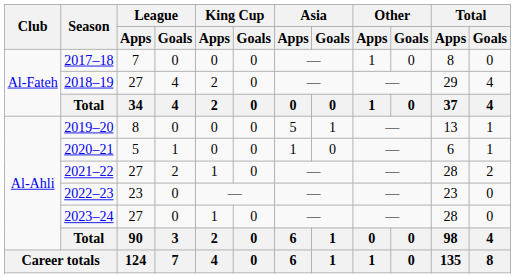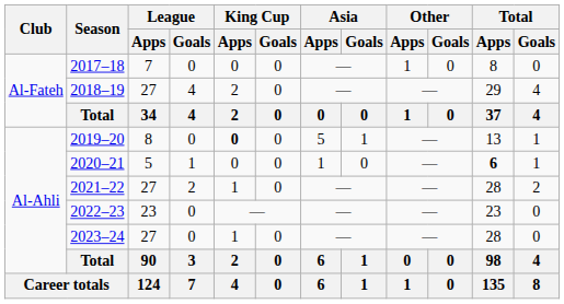 <table class="wikitable" style="text-align: center">
 <tr>
 <th rowspan=2>Club</th>
 <th rowspan=2>Season</th>
 <th colspan=2>League</th>
 <th colspan=2>King Cup</th>
 <th colspan=2>Asia</th>
 <th colspan=2>Other</th>
 <th colspan=2>Total</th>
 </tr>
 <tr>
 <th>Apps</th>
 <th>Goals</th>
 <th>Apps</th>
 <th>Goals</th>
 <th>Apps</th>
 <th>Goals</th>
 <th>Apps</th>
 <th>Goals</th>
 <th>Apps</th>
 <th>Goals</th>
 </tr>
 <tr>
 <td rowspan=3><a href='#'>Al-Fateh</a></td>
 <td><a href='#'>2017–18</a></td>
 <td>7</td>
 <td>0</td>
 <td>0</td>
 <td>0</td>
 <td colspan=2>—</td>
 <td>1</td>
 <td>0</td>
 <td>8</td>
 <td>0</td>
 </tr>
 <tr>
 <td><a href='#'>2018–19</a></td>
 <td>27</td>
 <td>4</td>
 <td>2</td>
 <td>0</td>
 <td colspan=2>—</td>
 <td colspan=2>—</td>
 <td>29</td>
 <td>4</td>
 </tr>
 <tr>
 <th>Total</th>
 <th>34</th>
 <th>4</th>
 <th>2</th>
 <th>0</th>
 <th>0</th>
 <th>0</th>
 <th>1</th>
 <th>0</th>
 <th>37</th>
 <th>4</th>
 </tr>
 <tr>
 <td rowspan=6><a href='#'>Al-Ahli</a></td>
 <td><a href='#'>2019–20</a></td>
 <td>8</td>
 <td>0</td>
-<td>0</td>
+<td><strong>0</strong></td>
 <td>0</td>
 <td>5</td>
 <td>1</td>
 <td colspan=2>—</td>
 <td>13</td>
 <td>1</td>
 </tr>
 <tr>
 <td><a href='#'>2020–21</a></td>
 <td>5</td>
 <td>1</td>
 <td>0</td>
 <td>0</td>
 <td>1</td>
 <td>0</td>
 <td colspan=2>—</td>
-<td>6</td>
+<td><strong>6</strong></td>
 <td>1</td>
 </tr>
 <tr>
 <td><a href='#'>2021–22</a></td>
 <td>27</td>
 <td>2</td>
 <td>1</td>
 <td>0</td>
 <td colspan=2>—</td>
 <td colspan=2>—</td>
 <td>28</td>
 <td>2</td>
 </tr>
 <tr>
 <td><a href='#'>2022–23</a></td>
 <td>23</td>
 <td>0</td>
 <td colspan=2>—</td>
 <td colspan=2>—</td>
 <td colspan=2>—</td>
 <td>23</td>
 <td>0</td>
 </tr>
 <tr>
 <td><a href='#'>2023–24</a></td>
 <td>27</td>
 <td>0</td>
 <td>1</td>
 <td>0</td>
 <td colspan=2>—</td>
 <td colspan=2>—</td>
 <td>28</td>
 <td>0</td>
 </tr>
 <tr>
 <th>Total</th>
 <th>90</th>
 <th>3</th>
 <th>2</th>
 <th>0</th>
 <th>6</th>
 <th>1</th>
 <th>0</th>
 <th>0</th>
 <th>98</th>
 <th>4</th>
 </tr>
 <tr>
 <th colspan=2>Career totals</th>
 <th>124</th>
 <th>7</th>
 <th>4</th>
 <th>0</th>
 <th>6</th>
 <th>1</th>
 <th>1</th>
 <th>0</th>
 <th>135</th>
 <th>8</th>
 </tr>
 </table>
